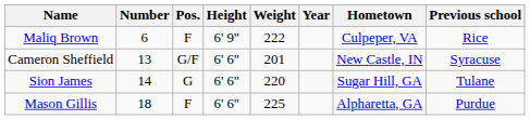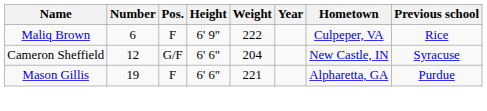 <table class="wikitable sortable" style="text-align: center">
 <tr align=center>
 <th>Name</th>
 <th>Number</th>
 <th>Pos.</th>
 <th>Height</th>
 <th>Weight</th>
 <th>Year</th>
 <th>Hometown</th>
 <th>Previous school</th>
 </tr>
 <tr>
 <td><a href='#'>Maliq Brown</a></td>
 <td>6</td>
 <td>F</td>
 <td>6' 9"</td>
 <td>222</td>
 <td></td>
 <td><a href='#'>Culpeper, VA</a></td>
 <td><a href='#'>Rice</a></td>
 </tr>
 <tr>
 <td>Cameron Sheffield</td>
-<td>13</td>
+<td>12</td>
 <td>G/F</td>
 <td>6' 6"</td>
-<td>201</td>
+<td>204</td>
 <td></td>
 <td><a href='#'>New Castle, IN</a></td>
 <td><a href='#'>Syracuse</a></td>
 </tr>
 <tr>
-<td><a href='#'>Sion James</a></td>
-<td>14</td>
-<td>G</td>
-<td>6' 6"</td>
-<td>220</td>
-<td></td>
-<td><a href='#'>Sugar Hill, GA</a></td>
-<td><a href='#'>Tulane</a></td>
-</tr>
-<tr>
 <td><a href='#'>Mason Gillis</a></td>
-<td>18</td>
+<td>19</td>
 <td>F</td>
 <td>6' 6"</td>
-<td>225</td>
+<td>221</td>
 <td></td>
 <td><a href='#'>Alpharetta, GA</a></td>
 <td><a href='#'>Purdue</a></td>
 </tr>
 </table>
